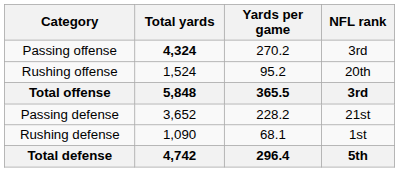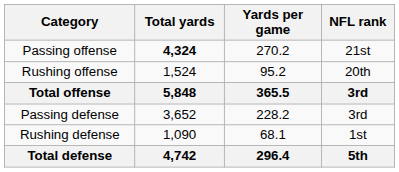 <table class="wikitable" style="text-align:center">
 <tr>
 <th width=150px>Category</th>
 <th width=100px>Total yards</th>
 <th width=110px>Yards per game</th>
 <th width=80px>NFL rank<br></th>
 </tr>
 <tr>
 <td>Passing offense</td>
 <td><strong>4,324</strong></td>
 <td>270.2</td>
-<td>3rd</td>
+<td>21st</td>
 </tr>
 <tr>
 <td>Rushing offense</td>
 <td>1,524</td>
 <td>95.2</td>
 <td>20th</td>
 </tr>
 <tr>
 <th>Total offense</th>
 <th>5,848</th>
 <th>365.5</th>
 <th>3rd</th>
 </tr>
 <tr>
 <td>Passing defense</td>
 <td>3,652</td>
 <td>228.2</td>
-<td>21st</td>
+<td>3rd</td>
 </tr>
 <tr>
 <td>Rushing defense</td>
 <td>1,090</td>
 <td>68.1</td>
 <td>1st</td>
 </tr>
 <tr>
 <th>Total defense</th>
 <th>4,742</th>
 <th>296.4</th>
 <th>5th</th>
 </tr>
 </table>
